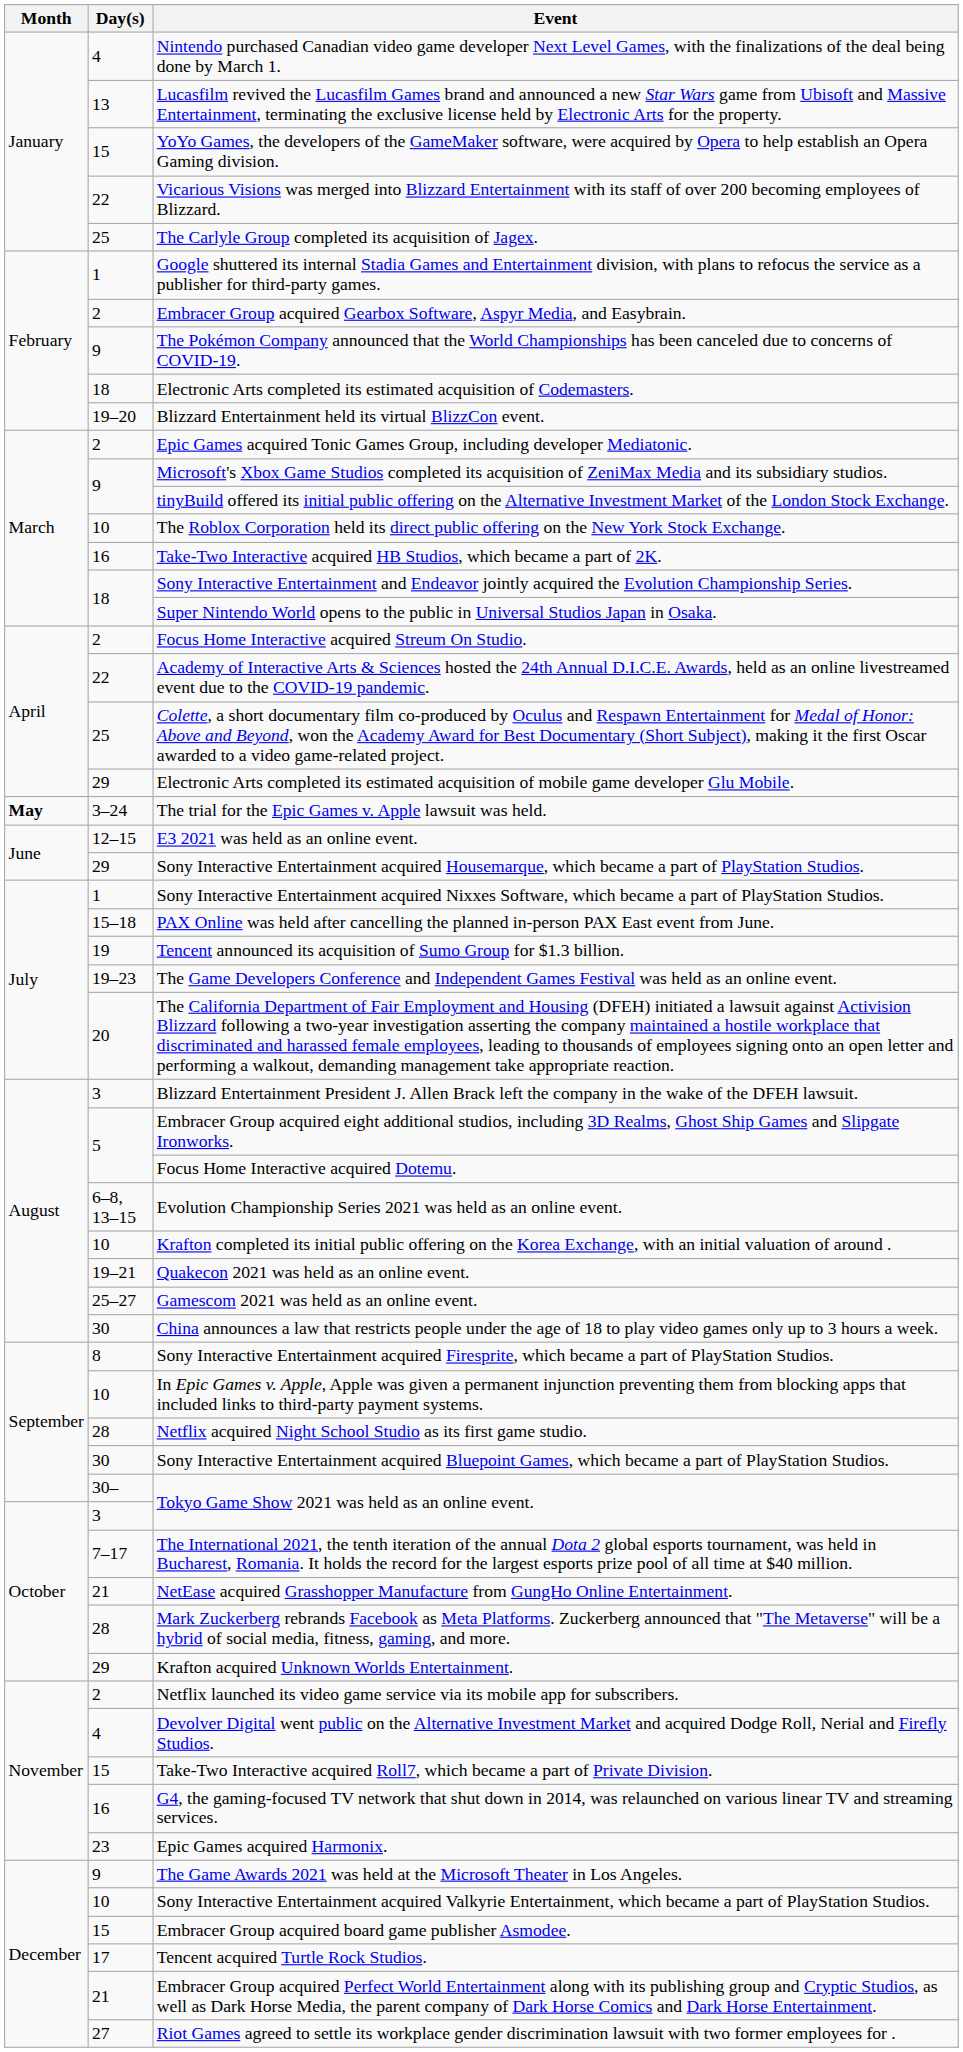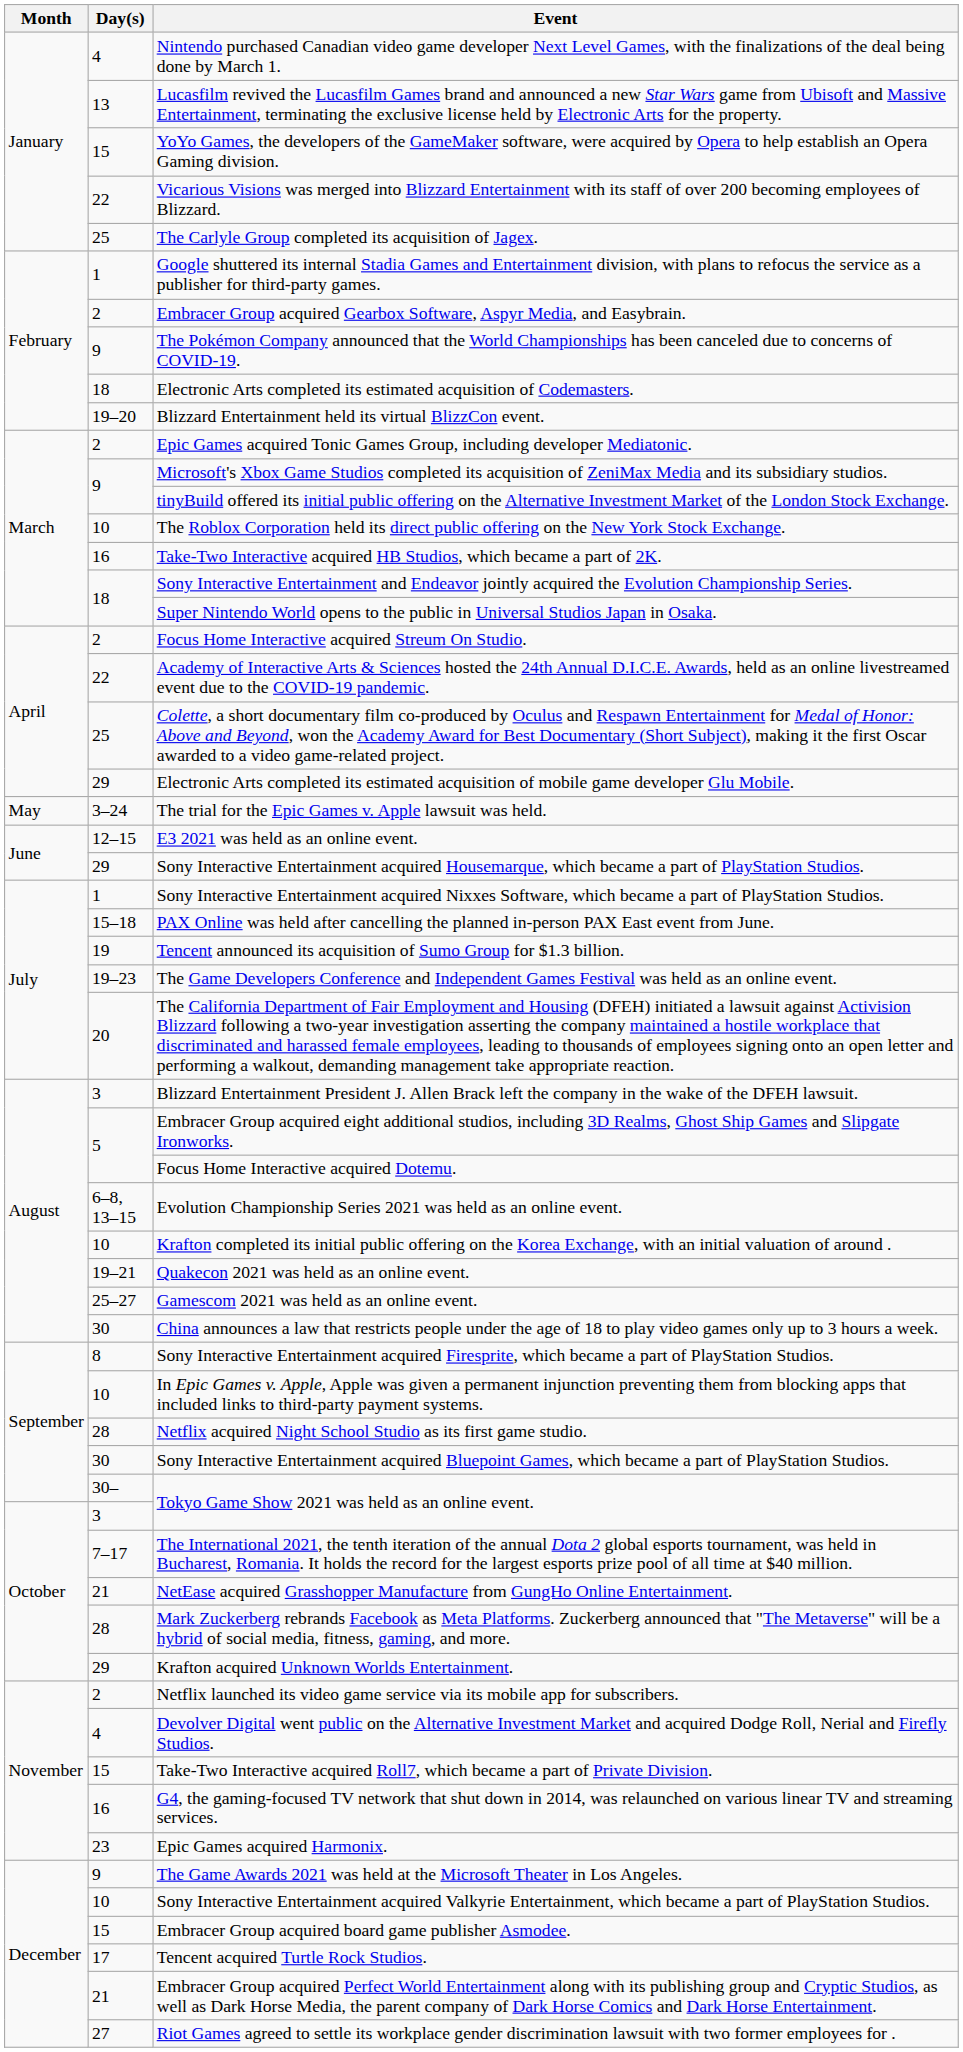 <table class="wikitable">
 <tr>
 <th>Month</th>
 <th>Day(s)</th>
 <th>Event</th>
 </tr>
 <tr>
 <td rowspan="5">January</td>
 <td>4</td>
 <td><a href='#'>Nintendo</a> purchased Canadian video game developer <a href='#'>Next Level Games</a>, with the finalizations of the deal being done by March 1.</td>
 </tr>
 <tr>
 <td>13</td>
 <td><a href='#'>Lucasfilm</a> revived the <a href='#'>Lucasfilm Games</a> brand and announced a new <em><a href='#'>Star Wars</a></em> game from <a href='#'>Ubisoft</a> and <a href='#'>Massive Entertainment</a>, terminating the exclusive license held by <a href='#'>Electronic Arts</a> for the property.</td>
 </tr>
 <tr>
 <td>15</td>
 <td><a href='#'>YoYo Games</a>, the developers of the <a href='#'>GameMaker</a> software, were acquired by <a href='#'>Opera</a> to help establish an Opera Gaming division.</td>
 </tr>
 <tr>
 <td>22</td>
 <td><a href='#'>Vicarious Visions</a> was merged into <a href='#'>Blizzard Entertainment</a> with its staff of over 200 becoming employees of Blizzard.</td>
 </tr>
 <tr>
 <td>25</td>
 <td><a href='#'>The Carlyle Group</a> completed its acquisition of <a href='#'>Jagex</a>.</td>
 </tr>
 <tr>
 <td rowspan="5">February</td>
 <td>1</td>
 <td><a href='#'>Google</a> shuttered its internal <a href='#'>Stadia Games and Entertainment</a> division, with plans to refocus the service as a publisher for third-party games.</td>
 </tr>
 <tr>
 <td>2</td>
 <td><a href='#'>Embracer Group</a> acquired <a href='#'>Gearbox Software</a>, <a href='#'>Aspyr Media</a>, and Easybrain.</td>
 </tr>
 <tr>
 <td>9</td>
 <td><a href='#'>The Pokémon Company</a> announced that the <a href='#'>World Championships</a> has been canceled due to concerns of <a href='#'>COVID-19</a>.</td>
 </tr>
 <tr>
 <td>18</td>
 <td>Electronic Arts completed its estimated  acquisition of <a href='#'>Codemasters</a>.</td>
 </tr>
 <tr>
 <td>19–20</td>
 <td>Blizzard Entertainment held its virtual <a href='#'>BlizzCon</a> event.</td>
 </tr>
 <tr>
 <td rowspan="7">March</td>
 <td>2</td>
 <td><a href='#'>Epic Games</a> acquired Tonic Games Group, including developer <a href='#'>Mediatonic</a>.</td>
 </tr>
 <tr>
 <td rowspan="2">9</td>
 <td><a href='#'>Microsoft</a>'s <a href='#'>Xbox Game Studios</a> completed its acquisition of <a href='#'>ZeniMax Media</a> and its subsidiary studios.</td>
 </tr>
 <tr>
 <td><a href='#'>tinyBuild</a> offered its <a href='#'>initial public offering</a> on the <a href='#'>Alternative Investment Market</a> of the <a href='#'>London Stock Exchange</a>.</td>
 </tr>
 <tr>
 <td>10</td>
 <td>The <a href='#'>Roblox Corporation</a> held its <a href='#'>direct public offering</a> on the <a href='#'>New York Stock Exchange</a>.</td>
 </tr>
 <tr>
 <td>16</td>
 <td><a href='#'>Take-Two Interactive</a> acquired <a href='#'>HB Studios</a>, which became a part of <a href='#'>2K</a>.</td>
 </tr>
 <tr>
 <td rowspan="2">18</td>
 <td><a href='#'>Sony Interactive Entertainment</a> and <a href='#'>Endeavor</a> jointly acquired the <a href='#'>Evolution Championship Series</a>.</td>
 </tr>
 <tr>
 <td><a href='#'>Super Nintendo World</a> opens to the public in <a href='#'>Universal Studios Japan</a> in <a href='#'>Osaka</a>.</td>
 </tr>
 <tr>
 <td rowspan="4">April</td>
 <td>2</td>
 <td><a href='#'>Focus Home Interactive</a> acquired <a href='#'>Streum On Studio</a>.</td>
 </tr>
 <tr>
 <td>22</td>
 <td><a href='#'>Academy of Interactive Arts & Sciences</a> hosted the <a href='#'>24th Annual D.I.C.E. Awards</a>, held as an online livestreamed event due to the <a href='#'>COVID-19 pandemic</a>.</td>
 </tr>
 <tr>
 <td>25</td>
 <td><em><a href='#'>Colette</a></em>, a short documentary film co-produced by <a href='#'>Oculus</a> and <a href='#'>Respawn Entertainment</a> for <em><a href='#'>Medal of Honor: Above and Beyond</a></em>, won the <a href='#'>Academy Award for Best Documentary (Short Subject)</a>, making it the first Oscar awarded to a video game-related project.</td>
 </tr>
 <tr>
 <td>29</td>
 <td>Electronic Arts completed its estimated  acquisition of mobile game developer <a href='#'>Glu Mobile</a>.</td>
 </tr>
 <tr>
-<td><strong>May</strong></td>
+<td>May</td>
 <td>3–24</td>
 <td>The trial for the <a href='#'>Epic Games v. Apple</a> lawsuit was held.</td>
 </tr>
 <tr>
 <td rowspan="2">June</td>
 <td>12–15</td>
 <td><a href='#'>E3 2021</a> was held as an online event.</td>
 </tr>
 <tr>
 <td>29</td>
 <td>Sony Interactive Entertainment acquired <a href='#'>Housemarque</a>, which became a part of <a href='#'>PlayStation Studios</a>.</td>
 </tr>
 <tr>
 <td rowspan="5">July</td>
 <td>1</td>
 <td>Sony Interactive Entertainment acquired Nixxes Software, which became a part of PlayStation Studios.</td>
 </tr>
 <tr>
 <td>15–18</td>
 <td><a href='#'>PAX Online</a> was held after cancelling the planned in-person PAX East event from June.</td>
 </tr>
 <tr>
 <td>19</td>
 <td><a href='#'>Tencent</a> announced its acquisition of <a href='#'>Sumo Group</a> for $1.3 billion.</td>
 </tr>
 <tr>
 <td>19–23</td>
 <td>The <a href='#'>Game Developers Conference</a> and <a href='#'>Independent Games Festival</a> was held as an online event.</td>
 </tr>
 <tr>
 <td>20</td>
 <td>The <a href='#'>California Department of Fair Employment and Housing</a> (DFEH) initiated a lawsuit against <a href='#'>Activision Blizzard</a> following a two-year investigation asserting the company <a href='#'>maintained a hostile workplace that discriminated and harassed female employees</a>, leading to thousands of employees signing onto an open letter and performing a walkout, demanding management take appropriate reaction.</td>
 </tr>
 <tr>
 <td rowspan="8">August</td>
 <td>3</td>
 <td>Blizzard Entertainment President J. Allen Brack left the company in the wake of the DFEH lawsuit.</td>
 </tr>
 <tr>
 <td rowspan ="2">5</td>
 <td>Embracer Group acquired eight additional studios, including <a href='#'>3D Realms</a>, <a href='#'>Ghost Ship Games</a> and <a href='#'>Slipgate Ironworks</a>.</td>
 </tr>
 <tr>
 <td>Focus Home Interactive acquired <a href='#'>Dotemu</a>.</td>
 </tr>
 <tr>
 <td>6–8, 13–15</td>
 <td>Evolution Championship Series 2021 was held as an online event.</td>
 </tr>
 <tr>
 <td>10</td>
 <td><a href='#'>Krafton</a> completed its initial public offering on the <a href='#'>Korea Exchange</a>, with an initial valuation of around .</td>
 </tr>
 <tr>
 <td>19–21</td>
 <td><a href='#'>Quakecon</a> 2021 was held as an online event.</td>
 </tr>
 <tr>
 <td>25–27</td>
 <td><a href='#'>Gamescom</a> 2021 was held as an online event.</td>
 </tr>
 <tr>
 <td>30</td>
 <td><a href='#'>China</a> announces a law that restricts people under the age of 18 to play video games only up to 3 hours a week.</td>
 </tr>
 <tr>
 <td rowspan="5">September</td>
 <td>8</td>
 <td>Sony Interactive Entertainment acquired <a href='#'>Firesprite</a>, which became a part of PlayStation Studios.</td>
 </tr>
 <tr>
 <td>10</td>
 <td>In <em>Epic Games v. Apple</em>, Apple was given a permanent injunction preventing them from blocking apps that included links to third-party payment systems.</td>
 </tr>
 <tr>
 <td>28</td>
 <td><a href='#'>Netflix</a> acquired <a href='#'>Night School Studio</a> as its first game studio.</td>
 </tr>
 <tr>
 <td>30</td>
 <td>Sony Interactive Entertainment acquired <a href='#'>Bluepoint Games</a>, which became a part of PlayStation Studios.</td>
 </tr>
 <tr>
 <td>30–</td>
 <td rowspan="2"><a href='#'>Tokyo Game Show</a> 2021 was held as an online event.</td>
 </tr>
 <tr>
 <td rowspan="5">October</td>
 <td>3</td>
 </tr>
 <tr>
 <td>7–17</td>
 <td><a href='#'>The International 2021</a>, the tenth iteration of the annual <em><a href='#'>Dota 2</a></em> global esports tournament, was held in <a href='#'>Bucharest</a>, <a href='#'>Romania</a>. It holds the record for the largest esports prize pool of all time at $40 million.</td>
 </tr>
 <tr>
 <td>21</td>
 <td><a href='#'>NetEase</a> acquired <a href='#'>Grasshopper Manufacture</a> from <a href='#'>GungHo Online Entertainment</a>.</td>
 </tr>
 <tr>
 <td>28</td>
 <td><a href='#'>Mark Zuckerberg</a> rebrands <a href='#'>Facebook</a> as <a href='#'>Meta Platforms</a>. Zuckerberg announced that "<a href='#'>The Metaverse</a>" will be a <a href='#'>hybrid</a> of social media, fitness, <a href='#'>gaming</a>, and more.</td>
 </tr>
 <tr>
 <td>29</td>
 <td>Krafton acquired <a href='#'>Unknown Worlds Entertainment</a>.</td>
 </tr>
 <tr>
 <td rowspan="5">November</td>
 <td>2</td>
 <td>Netflix launched its video game service via its mobile app for subscribers.</td>
 </tr>
 <tr>
 <td>4</td>
 <td><a href='#'>Devolver Digital</a> went <a href='#'>public</a> on the <a href='#'>Alternative Investment Market</a> and acquired Dodge Roll, Nerial and <a href='#'>Firefly Studios</a>.</td>
 </tr>
 <tr>
 <td>15</td>
 <td>Take-Two Interactive acquired <a href='#'>Roll7</a>, which became a part of <a href='#'>Private Division</a>.</td>
 </tr>
 <tr>
 <td>16</td>
 <td><a href='#'>G4</a>, the gaming-focused TV network that shut down in 2014, was relaunched on various linear TV and streaming services.</td>
 </tr>
 <tr>
 <td>23</td>
 <td>Epic Games acquired <a href='#'>Harmonix</a>.</td>
 </tr>
 <tr>
 <td rowspan="6">December</td>
 <td>9</td>
 <td><a href='#'>The Game Awards 2021</a> was held at the <a href='#'>Microsoft Theater</a> in Los Angeles.</td>
 </tr>
 <tr>
 <td>10</td>
 <td>Sony Interactive Entertainment acquired Valkyrie Entertainment, which became a part of PlayStation Studios.</td>
 </tr>
 <tr>
 <td>15</td>
 <td>Embracer Group acquired board game publisher <a href='#'>Asmodee</a>.</td>
 </tr>
 <tr>
 <td>17</td>
 <td>Tencent acquired <a href='#'>Turtle Rock Studios</a>.</td>
 </tr>
 <tr>
 <td>21</td>
 <td>Embracer Group acquired <a href='#'>Perfect World Entertainment</a> along with its publishing group and <a href='#'>Cryptic Studios</a>, as well as Dark Horse Media, the parent company of <a href='#'>Dark Horse Comics</a> and <a href='#'>Dark Horse Entertainment</a>.</td>
 </tr>
 <tr>
 <td>27</td>
 <td><a href='#'>Riot Games</a> agreed to settle its workplace gender discrimination lawsuit with two former employees for .</td>
 </tr>
 </table>
